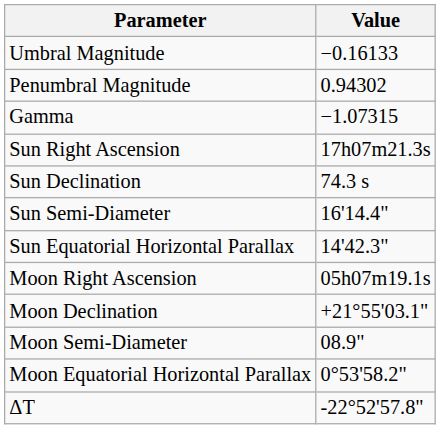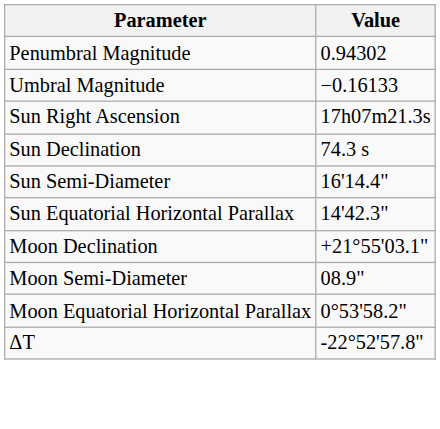 <table class="wikitable">
 <tr>
 <th>Parameter</th>
 <th>Value</th>
 </tr>
 <tr>
-<td>Umbral Magnitude</td>
-<td>−0.16133</td>
-</tr>
-<tr>
 <td>Penumbral Magnitude</td>
 <td>0.94302</td>
 </tr>
 <tr>
-<td>Gamma</td>
-<td>−1.07315</td>
+<td>Umbral Magnitude</td>
+<td>−0.16133</td>
 </tr>
 <tr>
 <td>Sun Right Ascension</td>
 <td>17h07m21.3s</td>
 </tr>
 <tr>
 <td>Sun Declination</td>
 <td>74.3 s</td>
 </tr>
 <tr>
 <td>Sun Semi-Diameter</td>
 <td>16'14.4"</td>
 </tr>
 <tr>
 <td>Sun Equatorial Horizontal Parallax</td>
 <td>14'42.3"</td>
 </tr>
 <tr>
-<td>Moon Right Ascension</td>
-<td>05h07m19.1s</td>
-</tr>
-<tr>
 <td>Moon Declination</td>
 <td>+21°55'03.1"</td>
 </tr>
 <tr>
 <td>Moon Semi-Diameter</td>
 <td>08.9"</td>
 </tr>
 <tr>
 <td>Moon Equatorial Horizontal Parallax</td>
 <td>0°53'58.2"</td>
 </tr>
 <tr>
 <td>ΔT</td>
 <td>-22°52'57.8"</td>
 </tr>
 </table>
